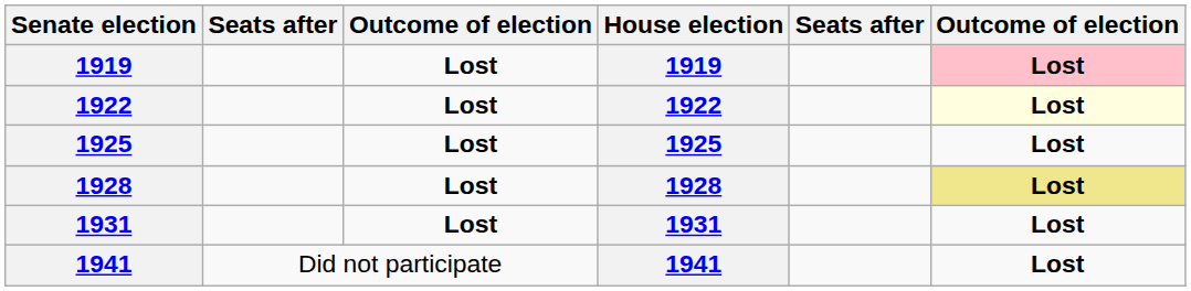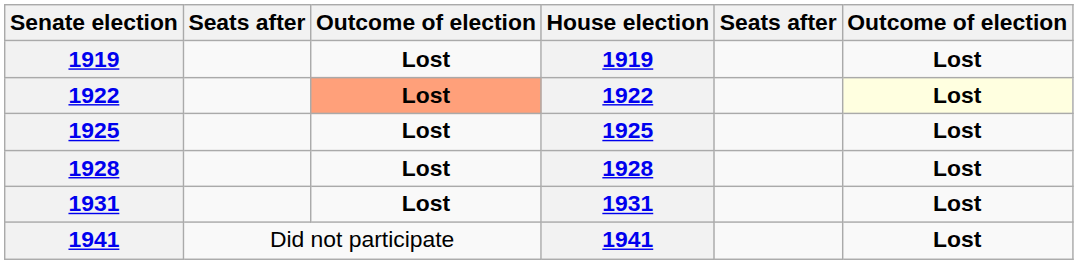 <table class="sortable wikitable" style="text-align:center">
 <tr>
 <th>Senate election</th>
 <th>Seats after</th>
 <th>Outcome of election</th>
 <th>House election</th>
 <th>Seats after</th>
 <th>Outcome of election</th>
 </tr>
 <tr>
 <th><a href='#'>1919</a></th>
 <td></td>
 <td><strong>Lost</strong></td>
 <th><a href='#'>1919</a></th>
 <td></td>
-<td style="background: pink;"><strong>Lost</strong></td>
+<td><strong>Lost</strong></td>
 </tr>
 <tr>
 <th><a href='#'>1922</a></th>
 <td></td>
-<td><strong>Lost</strong></td>
+<td style="background: lightsalmon;"><strong>Lost</strong></td>
 <th><a href='#'>1922</a></th>
 <td></td>
 <td style="background: lightyellow;"><strong>Lost</strong></td>
 </tr>
 <tr>
 <th><a href='#'>1925</a></th>
 <td></td>
 <td><strong>Lost</strong></td>
 <th><a href='#'>1925</a></th>
 <td></td>
 <td><strong>Lost</strong></td>
 </tr>
 <tr>
 <th><a href='#'>1928</a></th>
 <td></td>
 <td><strong>Lost</strong></td>
 <th><a href='#'>1928</a></th>
 <td></td>
-<td style="background: khaki;"><strong>Lost</strong></td>
+<td><strong>Lost</strong></td>
 </tr>
 <tr>
 <th><a href='#'>1931</a></th>
 <td></td>
 <td><strong>Lost</strong></td>
 <th><a href='#'>1931</a></th>
 <td></td>
 <td><strong>Lost</strong></td>
 </tr>
 <tr>
 <th><a href='#'>1941</a></th>
 <td colspan="2">Did not participate</td>
 <th><a href='#'>1941</a></th>
 <td></td>
 <td><strong>Lost</strong></td>
 </tr>
 </table>
